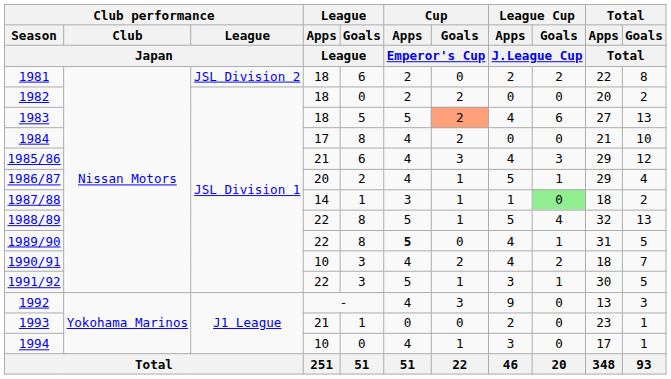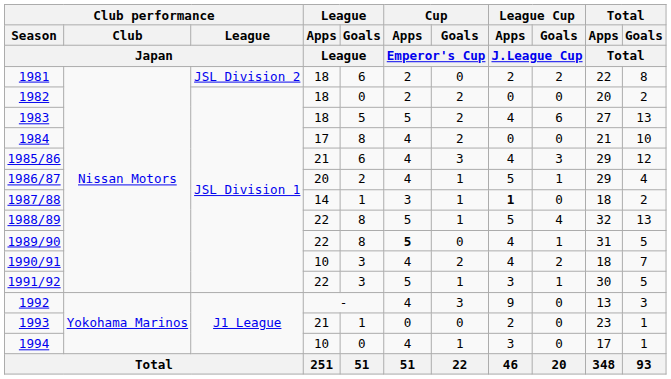 <table class="wikitable" style="text-align:center;">
 <tr>
 <th colspan=3>Club performance</th>
 <th colspan=2>League</th>
 <th colspan=2>Cup</th>
 <th colspan=2>League Cup</th>
 <th colspan=2>Total</th>
 </tr>
 <tr>
 <th>Season</th>
 <th>Club</th>
 <th>League</th>
 <th>Apps</th>
 <th>Goals</th>
 <th>Apps</th>
 <th>Goals</th>
 <th>Apps</th>
 <th>Goals</th>
 <th>Apps</th>
 <th>Goals</th>
 </tr>
 <tr>
 <th colspan=3>Japan</th>
 <th colspan=2>League</th>
 <th colspan=2><a href='#'>Emperor's Cup</a></th>
 <th colspan=2><a href='#'>J.League Cup</a></th>
 <th colspan=2>Total</th>
 </tr>
 <tr>
 <td><a href='#'>1981</a></td>
 <td rowspan="11"><a href='#'>Nissan Motors</a></td>
 <td><a href='#'>JSL Division 2</a></td>
 <td>18</td>
 <td>6</td>
 <td>2</td>
 <td>0</td>
 <td>2</td>
 <td>2</td>
 <td>22</td>
 <td>8</td>
 </tr>
 <tr>
 <td><a href='#'>1982</a></td>
 <td rowspan="10"><a href='#'>JSL Division 1</a></td>
 <td>18</td>
 <td>0</td>
 <td>2</td>
 <td>2</td>
 <td>0</td>
 <td>0</td>
 <td>20</td>
 <td>2</td>
 </tr>
 <tr>
 <td><a href='#'>1983</a></td>
 <td>18</td>
 <td>5</td>
 <td>5</td>
-<td style="background: lightsalmon;">2</td>
+<td>2</td>
 <td>4</td>
 <td>6</td>
 <td>27</td>
 <td>13</td>
 </tr>
 <tr>
 <td><a href='#'>1984</a></td>
 <td>17</td>
 <td>8</td>
 <td>4</td>
 <td>2</td>
 <td>0</td>
 <td>0</td>
 <td>21</td>
 <td>10</td>
 </tr>
 <tr>
 <td><a href='#'>1985/86</a></td>
 <td>21</td>
 <td>6</td>
 <td>4</td>
 <td>3</td>
 <td>4</td>
 <td>3</td>
 <td>29</td>
 <td>12</td>
 </tr>
 <tr>
 <td><a href='#'>1986/87</a></td>
 <td>20</td>
 <td>2</td>
 <td>4</td>
 <td>1</td>
 <td>5</td>
 <td>1</td>
 <td>29</td>
 <td>4</td>
 </tr>
 <tr>
 <td><a href='#'>1987/88</a></td>
 <td>14</td>
 <td>1</td>
 <td>3</td>
 <td>1</td>
-<td>1</td>
-<td style="background: lightgreen;">0</td>
+<td><strong>1</strong></td>
+<td>0</td>
 <td>18</td>
 <td>2</td>
 </tr>
 <tr>
 <td><a href='#'>1988/89</a></td>
 <td>22</td>
 <td>8</td>
 <td>5</td>
 <td>1</td>
 <td>5</td>
 <td>4</td>
 <td>32</td>
 <td>13</td>
 </tr>
 <tr>
 <td><a href='#'>1989/90</a></td>
 <td>22</td>
 <td>8</td>
 <td><strong>5</strong></td>
 <td>0</td>
 <td>4</td>
 <td>1</td>
 <td>31</td>
 <td>5</td>
 </tr>
 <tr>
 <td><a href='#'>1990/91</a></td>
 <td>10</td>
 <td>3</td>
 <td>4</td>
 <td>2</td>
 <td>4</td>
 <td>2</td>
 <td>18</td>
 <td>7</td>
 </tr>
 <tr>
 <td><a href='#'>1991/92</a></td>
 <td>22</td>
 <td>3</td>
 <td>5</td>
 <td>1</td>
 <td>3</td>
 <td>1</td>
 <td>30</td>
 <td>5</td>
 </tr>
 <tr>
 <td><a href='#'>1992</a></td>
 <td rowspan="3"><a href='#'>Yokohama Marinos</a></td>
 <td rowspan="3"><a href='#'>J1 League</a></td>
 <td colspan="2">-</td>
 <td>4</td>
 <td>3</td>
 <td>9</td>
 <td>0</td>
 <td>13</td>
 <td>3</td>
 </tr>
 <tr>
 <td><a href='#'>1993</a></td>
 <td>21</td>
 <td>1</td>
 <td>0</td>
 <td>0</td>
 <td>2</td>
 <td>0</td>
 <td>23</td>
 <td>1</td>
 </tr>
 <tr>
 <td><a href='#'>1994</a></td>
 <td>10</td>
 <td>0</td>
 <td>4</td>
 <td>1</td>
 <td>3</td>
 <td>0</td>
 <td>17</td>
 <td>1</td>
 </tr>
 <tr>
 <th colspan=3>Total</th>
 <th>251</th>
 <th>51</th>
 <th>51</th>
 <th>22</th>
 <th>46</th>
 <th>20</th>
 <th>348</th>
 <th>93</th>
 </tr>
 </table>
